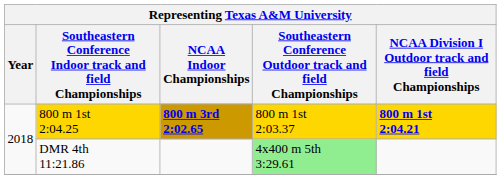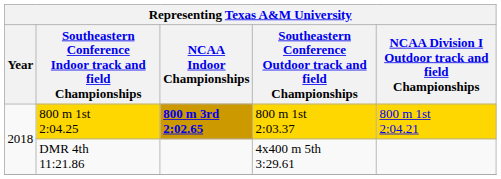 <table class="wikitable sortable">
 <tr>
 <th colspan="5">Representing <a href='#'>Texas A&M University</a></th>
 </tr>
 <tr>
 <th>Year</th>
 <th><a href='#'>Southeastern Conference</a><br><a href='#'>Indoor track and field</a><br>Championships</th>
 <th><a href='#'>NCAA</a><br><a href='#'>Indoor</a><br>Championships</th>
 <th><a href='#'>Southeastern Conference</a><br><a href='#'>Outdoor track and field</a><br>Championships</th>
 <th><a href='#'>NCAA Division I</a><br><a href='#'>Outdoor track and field</a><br>Championships</th>
 </tr>
 <tr>
 <td rowspan=2>2018</td>
 <td bgcolor=gold>800 m 1st<br>2:04.25</td>
 <td bgcolor=cc9900><strong><a href='#'>800 m 3rd<br>2:02.65</a></strong></td>
 <td bgcolor=gold>800 m 1st<br>2:03.37</td>
-<td bgcolor=gold><strong><a href='#'>800 m 1st<br>2:04.21</a></strong></td>
+<td bgcolor=gold><a href='#'>800 m 1st<br>2:04.21</a></td>
 </tr>
 <tr>
 <td>DMR 4th<br>11:21.86</td>
 <td></td>
-<td style="background: lightgreen;">4x400 m 5th<br>3:29.61</td>
+<td>4x400 m 5th<br>3:29.61</td>
 <td></td>
 </tr>
 <tr>
 </tr>
 </table>
